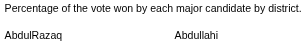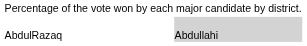 <table align=center>
 <tr>
 <td colspan=2>Percentage of the vote won by each major candidate by district.</td>
 </tr>
 <tr>
 <td><br>AbdulRazaq<br> </td>
-<td><br>Abdullahi<br> </td>
+<td style="background: lightgrey;"><br>Abdullahi<br> </td>
 </tr>
 </table>
